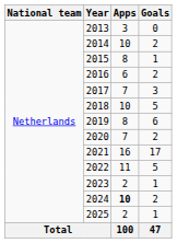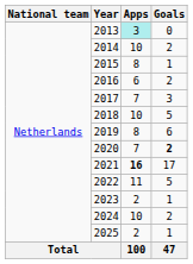 <table class="wikitable" style="text-align:center">
 <tr>
 <th>National team</th>
 <th>Year</th>
 <th>Apps</th>
 <th>Goals</th>
 </tr>
 <tr>
 <td rowspan="13"><a href='#'>Netherlands</a></td>
 <td>2013</td>
-<td>3</td>
+<td style="background: paleturquoise;">3</td>
 <td>0</td>
 </tr>
 <tr>
 <td>2014</td>
 <td>10</td>
 <td>2</td>
 </tr>
 <tr>
 <td>2015</td>
 <td>8</td>
 <td>1</td>
 </tr>
 <tr>
 <td>2016</td>
 <td>6</td>
 <td>2</td>
 </tr>
 <tr>
 <td>2017</td>
 <td>7</td>
 <td>3</td>
 </tr>
 <tr>
 <td>2018</td>
 <td>10</td>
 <td>5</td>
 </tr>
 <tr>
 <td>2019</td>
 <td>8</td>
 <td>6</td>
 </tr>
 <tr>
 <td>2020</td>
 <td>7</td>
-<td>2</td>
+<td><strong>2</strong></td>
 </tr>
 <tr>
 <td>2021</td>
-<td>16</td>
+<td><strong>16</strong></td>
 <td>17</td>
 </tr>
 <tr>
 <td>2022</td>
 <td>11</td>
 <td>5</td>
 </tr>
 <tr>
 <td>2023</td>
 <td>2</td>
 <td>1</td>
 </tr>
 <tr>
 <td>2024</td>
-<td><strong>10</strong></td>
+<td>10</td>
 <td>2</td>
 </tr>
 <tr>
 <td>2025</td>
 <td>2</td>
 <td>1</td>
 </tr>
 <tr>
 <th colspan="2">Total</th>
 <th>100</th>
 <th>47</th>
 </tr>
 </table>
